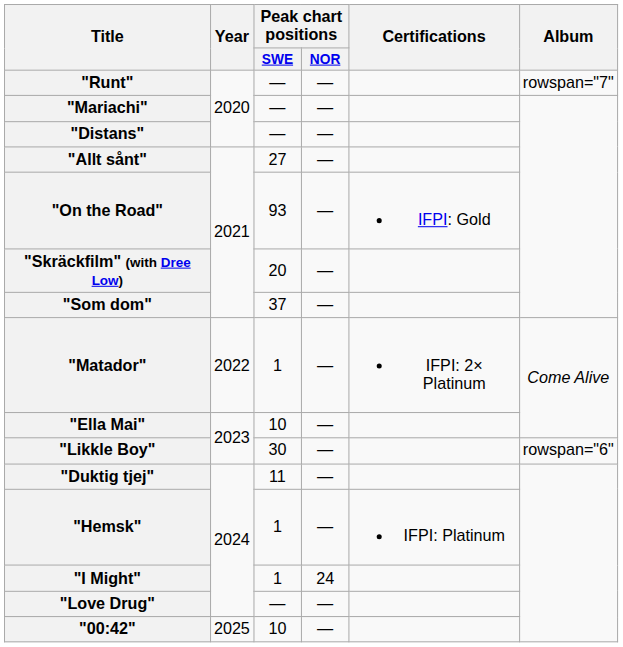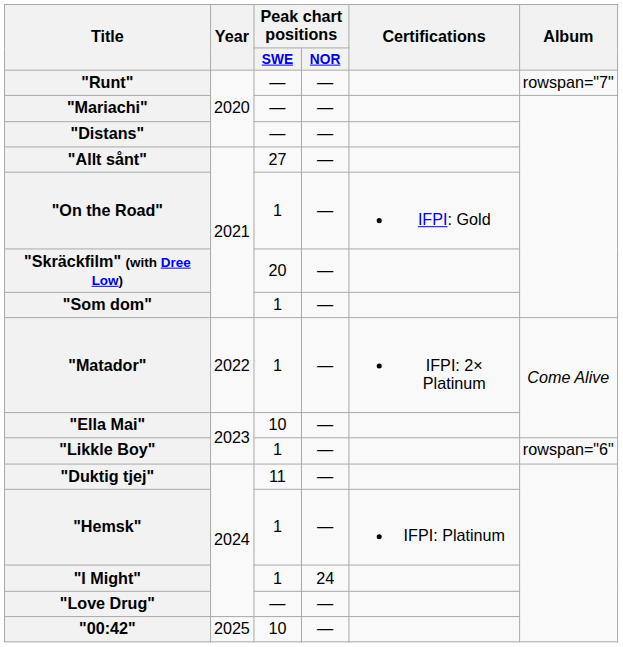 <table class="wikitable plainrowheaders" style="text-align:center;">
 <tr>
 <th scope="col" rowspan="2">Title</th>
 <th scope="col" rowspan="2">Year</th>
 <th scope="col" colspan="2">Peak chart positions</th>
 <th scope="col" rowspan="2">Certifications</th>
 <th scope="col" rowspan="2">Album</th>
 </tr>
 <tr>
 <th scope="col" style="width:3em;font-size:85%;"><a href='#'>SWE</a><br></th>
 <th scope="col" style="width:3em;font-size:85%;"><a href='#'>NOR</a><br></th>
 </tr>
 <tr>
 <th scope="row">"Runt"</th>
 <td rowspan=3>2020</td>
 <td>—</td>
 <td>—</td>
 <td></td>
 <td>rowspan="7" </td>
 </tr>
 <tr>
 <th scope="row">"Mariachi"</th>
 <td>—</td>
 <td>—</td>
 <td></td>
 </tr>
 <tr>
 <th scope="row">"Distans"</th>
 <td>—</td>
 <td>—</td>
 <td></td>
 </tr>
 <tr>
 <th scope="row">"Allt sånt"</th>
 <td rowspan=4>2021</td>
 <td>27<br></td>
 <td>—</td>
 <td></td>
 </tr>
 <tr>
 <th scope="row">"On the Road"</th>
-<td>93</td>
+<td>1</td>
 <td>—</td>
 <td><br><ul><li><a href='#'>IFPI</a>: Gold</li></ul></td>
 </tr>
 <tr>
 <th scope="row">"Skräckfilm" <small>(with <a href='#'>Dree Low</a>)</small></th>
 <td>20</td>
 <td>—</td>
 <td></td>
 </tr>
 <tr>
 <th scope="row">"Som dom"</th>
-<td>37</td>
+<td>1</td>
 <td>—</td>
 <td></td>
 </tr>
 <tr>
 <th scope="row">"Matador"</th>
 <td>2022</td>
 <td>1</td>
 <td>—</td>
 <td><br><ul><li>IFPI: 2× Platinum</li></ul></td>
 <td rowspan="2"><em>Come Alive</em></td>
 </tr>
 <tr>
 <th scope="row">"Ella Mai"</th>
 <td rowspan="2">2023</td>
 <td>10</td>
 <td>—</td>
 <td></td>
 </tr>
 <tr>
 <th scope="row">"Likkle Boy"</th>
-<td>30</td>
+<td>1<br></td>
 <td>—</td>
 <td></td>
 <td>rowspan="6" </td>
 </tr>
 <tr>
 <th scope="row">"Duktig tjej"</th>
 <td rowspan="4">2024</td>
 <td>11</td>
 <td>—</td>
 <td></td>
 </tr>
 <tr>
 <th scope="row">"Hemsk"<br></th>
 <td>1<br></td>
 <td>—</td>
 <td><br><ul><li>IFPI: Platinum</li></ul></td>
 </tr>
 <tr>
 <th scope="row">"I Might"</th>
 <td>1</td>
 <td>24</td>
 <td></td>
 </tr>
 <tr>
 <th scope="row">"Love Drug"</th>
 <td>—</td>
 <td>—</td>
 <td></td>
 </tr>
 <tr>
 <th scope="row">"00:42"</th>
 <td>2025</td>
 <td>10</td>
 <td>—</td>
 <td></td>
 </tr>
 </table>
